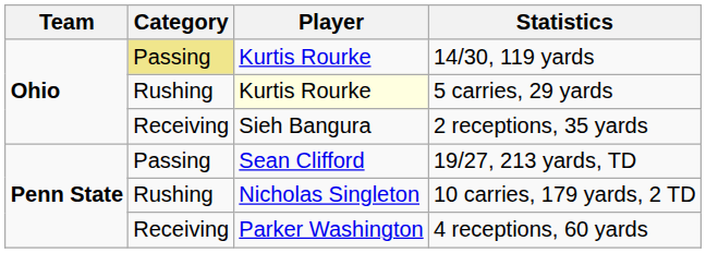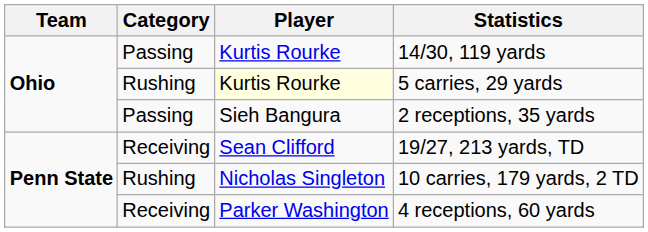 <table class="wikitable" style="float: right;">
 <tr>
 <th>Team</th>
 <th>Category</th>
 <th>Player</th>
 <th>Statistics</th>
 </tr>
 <tr>
 <td rowspan=3><strong>Ohio</strong></td>
-<td style="background: khaki;">Passing</td>
+<td>Passing</td>
 <td><a href='#'>Kurtis Rourke</a></td>
 <td>14/30, 119 yards</td>
 </tr>
 <tr>
 <td>Rushing</td>
 <td style="background: lightyellow;">Kurtis Rourke</td>
 <td>5 carries, 29 yards</td>
 </tr>
 <tr>
-<td>Receiving</td>
+<td>Passing</td>
 <td>Sieh Bangura</td>
 <td>2 receptions, 35 yards</td>
 </tr>
 <tr>
 <td rowspan=3><strong>Penn State</strong></td>
-<td>Passing</td>
+<td>Receiving</td>
 <td><a href='#'>Sean Clifford</a></td>
 <td>19/27, 213 yards, TD</td>
 </tr>
 <tr>
 <td>Rushing</td>
 <td><a href='#'>Nicholas Singleton</a></td>
 <td>10 carries, 179 yards, 2 TD</td>
 </tr>
 <tr>
 <td>Receiving</td>
 <td><a href='#'>Parker Washington</a></td>
 <td>4 receptions, 60 yards</td>
 </tr>
 </table>
